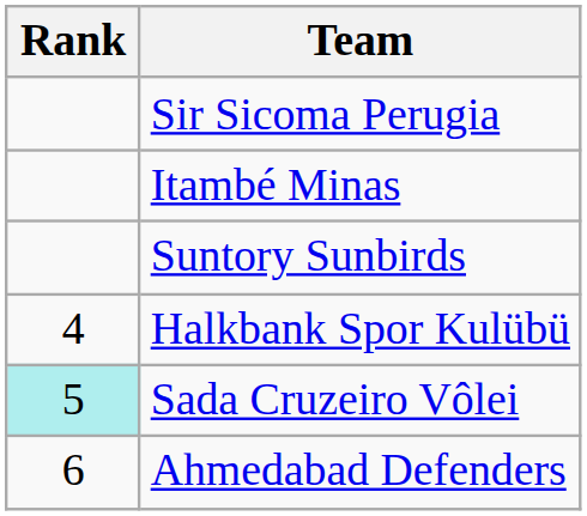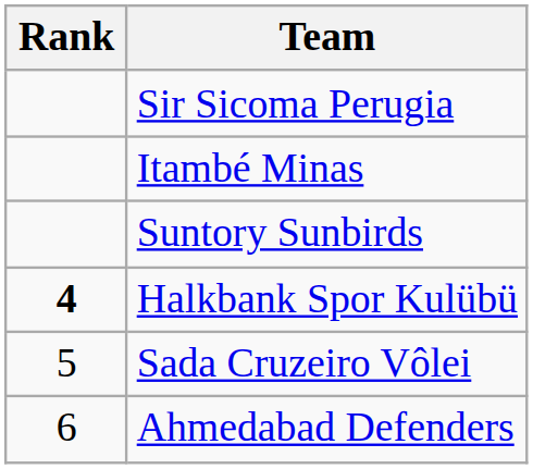 <table class="wikitable" style="text-align:center;">
 <tr>
 <th width=40>Rank</th>
 <th>Team</th>
 </tr>
 <tr>
 <td></td>
 <td style="text-align:left;"> <a href='#'>Sir Sicoma Perugia</a></td>
 </tr>
 <tr>
 <td></td>
 <td style="text-align:left;"> <a href='#'>Itambé Minas</a></td>
 </tr>
 <tr>
 <td></td>
 <td style="text-align:left;"> <a href='#'>Suntory Sunbirds</a></td>
 </tr>
 <tr>
-<td>4</td>
+<td><strong>4</strong></td>
 <td style="text-align:left;"> <a href='#'>Halkbank Spor Kulübü</a></td>
 </tr>
 <tr>
-<td style="background: paleturquoise;">5</td>
+<td>5</td>
 <td style="text-align:left;"> <a href='#'>Sada Cruzeiro Vôlei</a></td>
 </tr>
 <tr>
 <td>6</td>
 <td style="text-align:left;"> <a href='#'>Ahmedabad Defenders</a></td>
 </tr>
 </table>
